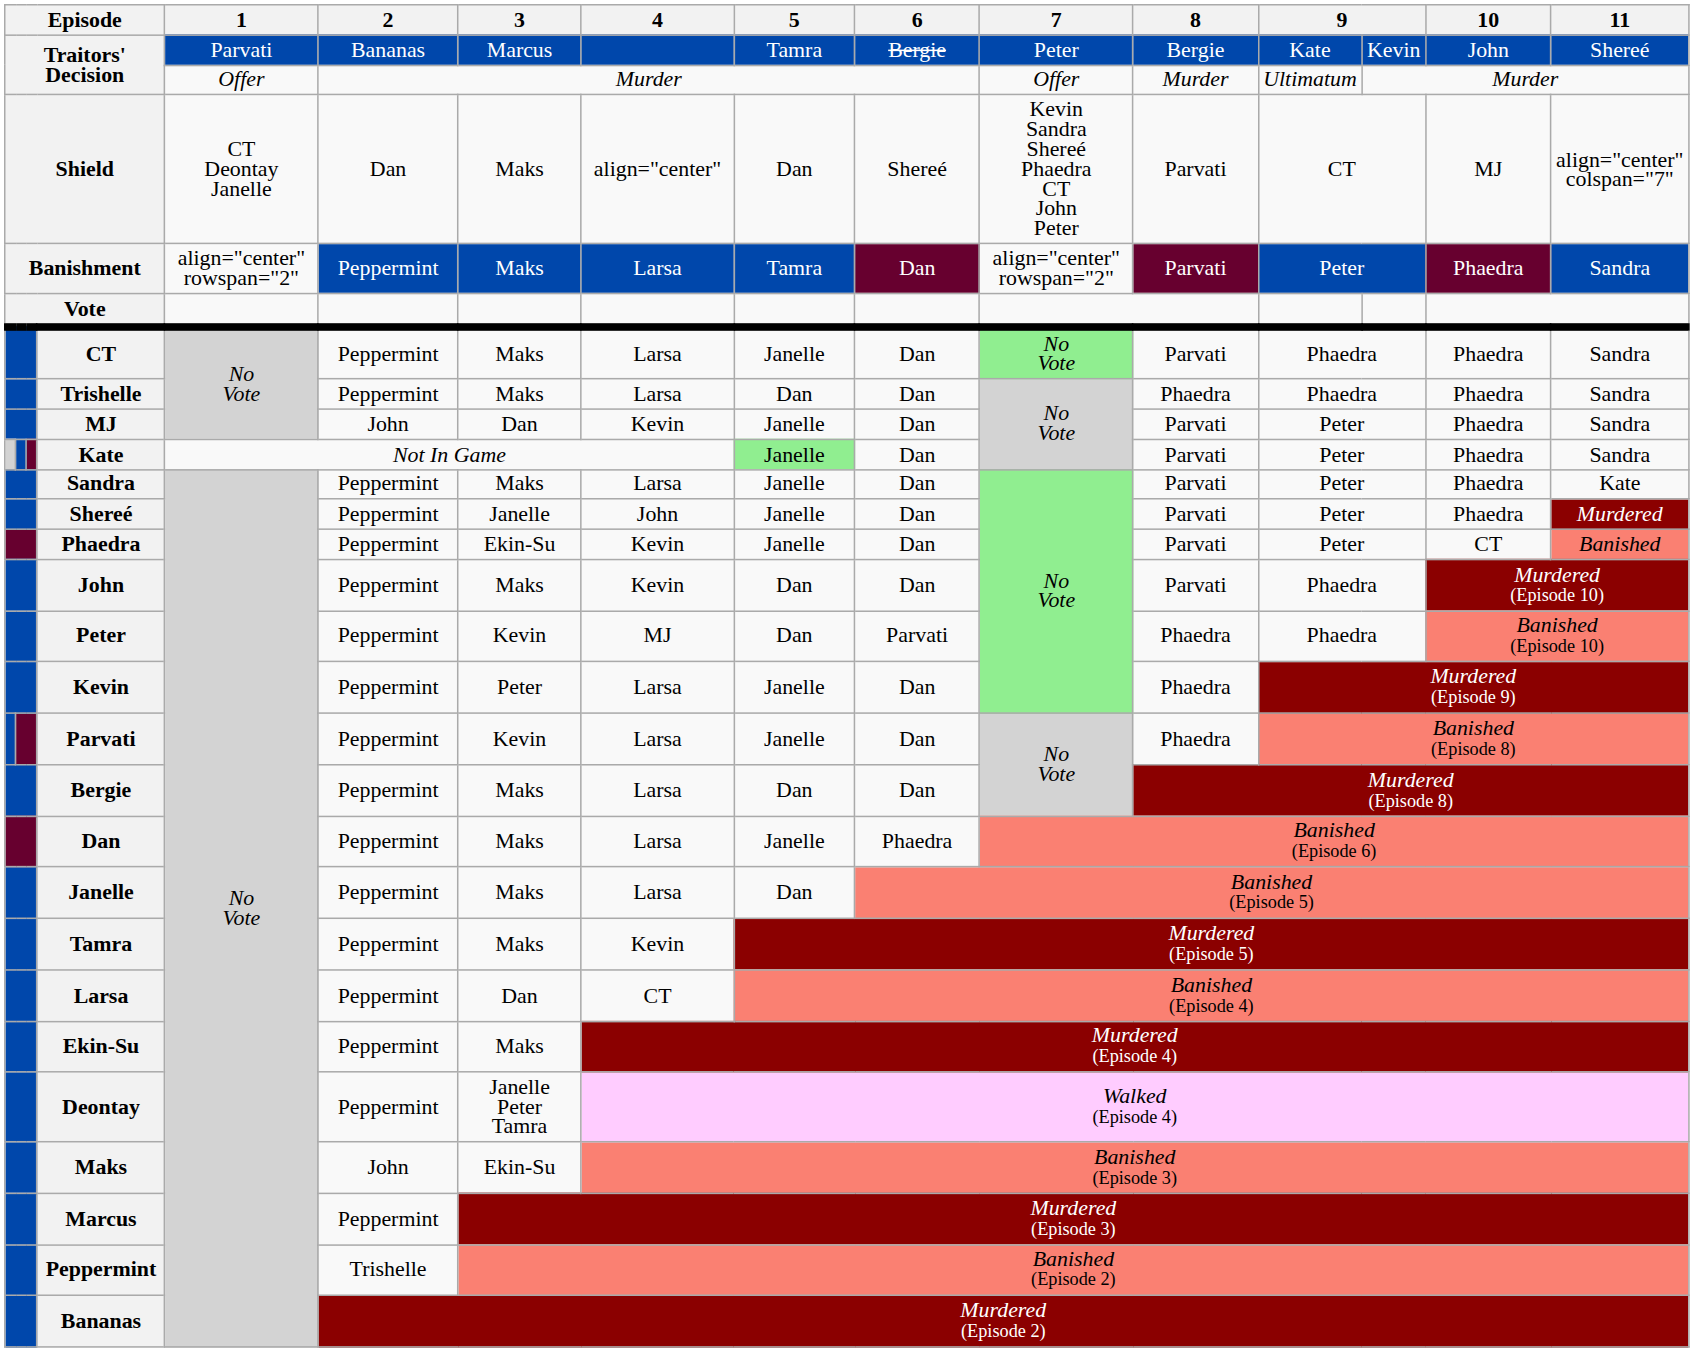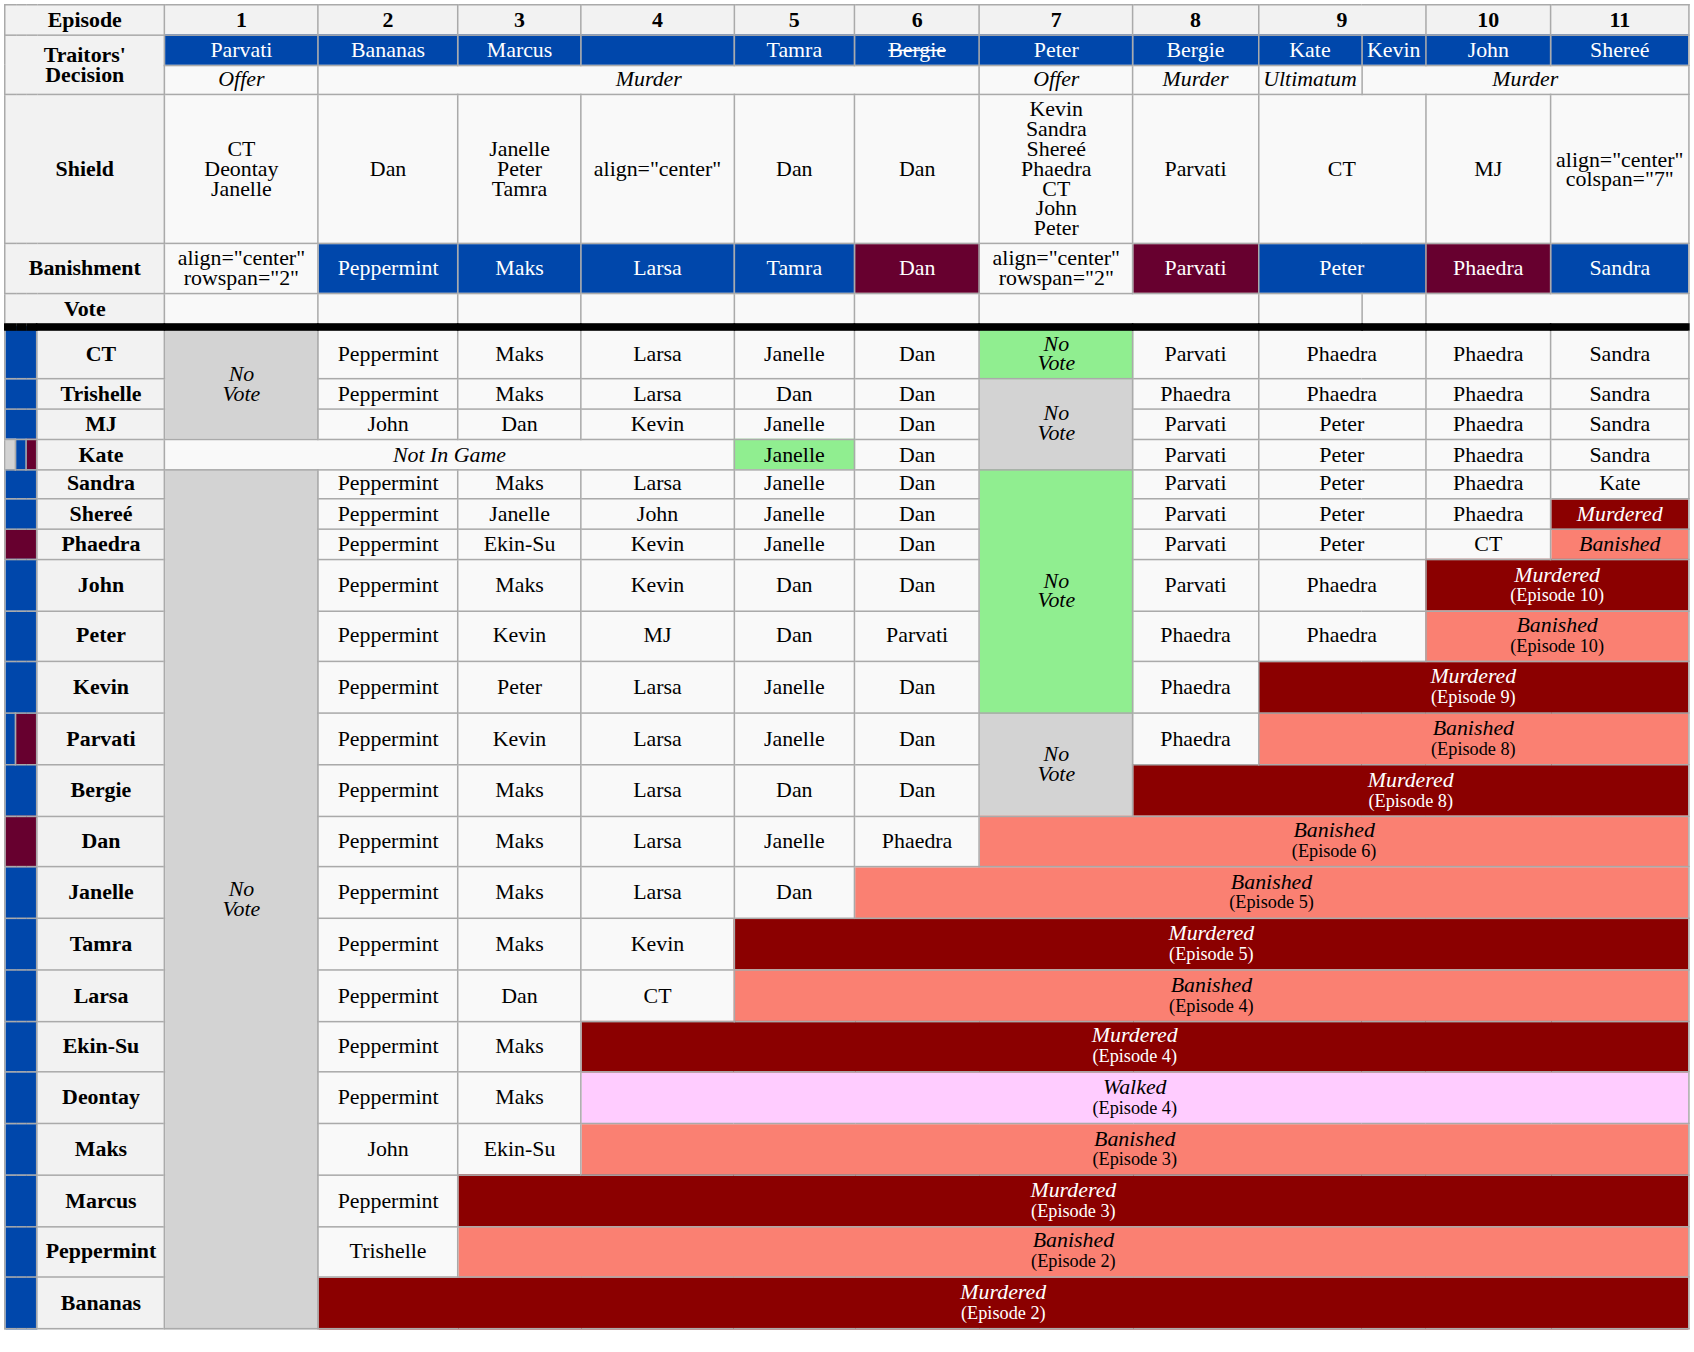 <table class="wikitable" style="text-align:center; width:70%; font-size:90%; line-height:13px">
 <tr>
 <th colspan="4" width="10%">Episode</th>
 <th width="10%">1</th>
 <th width="10%">2</th>
 <th width="10%">3</th>
 <th width="10%">4</th>
 <th width="10%">5</th>
 <th width="10%">6</th>
 <th width="10%">7</th>
 <th width="10%">8</th>
 <th colspan="2">9</th>
 <th width="10%">10</th>
 <th colspan="7">11</th>
 </tr>
 <tr>
 <th colspan="4" rowspan="2">Traitors'<br>Decision</th>
 <td bgcolor="#0047AB" align="center" span style="color:#FFFFFF;">Parvati</td>
 <td bgcolor="#0047AB" align="center" span style="color:#FFFFFF;">Bananas</td>
 <td bgcolor="#0047AB" align="center" span style="color:#FFFFFF;">Marcus</td>
 <td bgcolor="#0047AB" align="center" span style="color:#FFFFFF;"></td>
 <td bgcolor="#0047AB" align="center" span style="color:#FFFFFF;">Tamra</td>
 <td bgcolor="#0047AB" align="center" span style="color:#FFFFFF;"><s>Bergie</s></td>
 <td bgcolor="#0047AB" align="center" span style="color:#FFFFFF;">Peter</td>
 <td bgcolor="#0047AB" align="center" span style="color:#FFFFFF;">Bergie</td>
 <td bgcolor="#0047AB" align="center" span style="color:#FFFFFF;">Kate</td>
 <td bgcolor="#0047AB" align="center" span style="color:#FFFFFF;">Kevin</td>
 <td bgcolor="#0047AB" align="center" span style="color:#FFFFFF;">John</td>
 <td bgcolor="#0047AB" align="center" span style="color:#FFFFFF;">Shereé</td>
 </tr>
 <tr>
 <td><em>Offer</em></td>
 <td align="center" colspan="5"><em>Murder</em></td>
 <td><em>Offer</em></td>
 <td align="center" colspan="1"><em>Murder</em></td>
 <td align="center"><em>Ultimatum</em></td>
 <td align="center" colspan="3"><em>Murder</em></td>
 </tr>
 <tr>
 <th colspan="4">Shield</th>
 <td>CT<br>Deontay<br>Janelle</td>
 <td>Dan</td>
-<td>Maks</td>
+<td>Janelle<br>Peter<br>Tamra</td>
 <td>align="center" </td>
 <td>Dan</td>
-<td>Shereé</td>
+<td>Dan</td>
 <td>Kevin<br>Sandra<br>Shereé<br>Phaedra<br>CT<br>John<br>Peter</td>
 <td>Parvati</td>
 <td colspan="2">CT</td>
 <td>MJ</td>
 <td>align="center" colspan="7" </td>
 </tr>
 <tr>
 <th colspan="4">Banishment</th>
 <td>align="center" rowspan="2" </td>
 <td bgcolor="#0047AB" style="color:#FFFFFF;">Peppermint</td>
 <td bgcolor="#0047AB" style="color:#FFFFFF;">Maks</td>
 <td bgcolor="#0047AB" style="color:#FFFFFF;">Larsa</td>
 <td bgcolor="#0047AB" align="center" span style="color:#FFFFFF;">Tamra</td>
 <td bgcolor="#67002F" style="color:#FFFFFF;">Dan</td>
 <td>align="center" rowspan="2" </td>
 <td bgcolor="#67002F" style="color:#FFFFFF;">Parvati</td>
 <td colspan="2" bgcolor="#0047AB" style="color:#FFFFFF;">Peter</td>
 <td bgcolor="#67002F" style="color:#FFFFFF;">Phaedra</td>
 <td bgcolor="#0047AB" style="color:#FFFFFF;">Sandra</td>
 </tr>
 <tr>
 <th colspan="4">Vote</th>
 <td></td>
 <td></td>
 <td></td>
 <td></td>
 <td></td>
 <td></td>
 <td colspan="2"></td>
 <td></td>
 <td></td>
 </tr>
 <tr style="border-top:5px solid">
 <td colspan="3" bgcolor="0047AB"></td>
 <th>CT</th>
 <td rowspan="3" bgcolor="lightgrey" align="center"><em>No<br>Vote</em></td>
 <td>Peppermint</td>
 <td>Maks</td>
 <td>Larsa</td>
 <td>Janelle</td>
 <td>Dan</td>
 <td rowspan="1" bgcolor="lightgreen" align="center"><em>No<br>Vote</em></td>
 <td>Parvati</td>
 <td colspan="2">Phaedra</td>
 <td>Phaedra</td>
 <td>Sandra</td>
 </tr>
 <tr>
 <td colspan="3" bgcolor="0047AB"></td>
 <th>Trishelle</th>
 <td>Peppermint</td>
 <td>Maks</td>
 <td>Larsa</td>
 <td>Dan</td>
 <td>Dan</td>
 <td rowspan="3" bgcolor="lightgrey" align="center"><em>No<br>Vote</em></td>
 <td>Phaedra</td>
 <td colspan="2">Phaedra</td>
 <td>Phaedra</td>
 <td>Sandra</td>
 </tr>
 <tr>
 <td colspan="3" bgcolor="0047AB"></td>
 <th>MJ</th>
 <td>John</td>
 <td>Dan</td>
 <td>Kevin</td>
 <td>Janelle</td>
 <td>Dan</td>
 <td>Parvati</td>
 <td colspan="2">Peter</td>
 <td>Phaedra</td>
 <td>Sandra</td>
 </tr>
 <tr>
 <td bgcolor="lightgrey"></td>
 <td bgcolor="0047AB"></td>
 <td bgcolor="67002F"></td>
 <th>Kate</th>
 <td colspan="4"><em>Not In Game</em></td>
 <td bgcolor="lightgreen">Janelle</td>
 <td>Dan</td>
 <td>Parvati</td>
 <td colspan="2">Peter</td>
 <td>Phaedra</td>
 <td>Sandra</td>
 </tr>
 <tr>
 <td colspan="3" bgcolor="0047AB"></td>
 <th>Sandra</th>
 <td rowspan="18" bgcolor="lightgrey" align="center"><em>No<br>Vote</em></td>
 <td>Peppermint</td>
 <td>Maks</td>
 <td>Larsa</td>
 <td>Janelle</td>
 <td>Dan</td>
 <td rowspan="6" bgcolor="lightgreen" align="center"><em>No<br>Vote</em></td>
 <td>Parvati</td>
 <td colspan="2">Peter</td>
 <td>Phaedra</td>
 <td>Kate</td>
 </tr>
 <tr>
 <td colspan="3" bgcolor="0047AB"></td>
 <th>Shereé</th>
 <td>Peppermint</td>
 <td>Janelle</td>
 <td>John</td>
 <td>Janelle</td>
 <td>Dan</td>
 <td>Parvati</td>
 <td colspan="2">Peter</td>
 <td>Phaedra</td>
 <td colspan="7" align="center" style="background:darkred; color:white;"><em>Murdered</em> <br><small></small></td>
 </tr>
 <tr>
 <td colspan="3" bgcolor="67002F"></td>
 <th>Phaedra</th>
 <td>Peppermint</td>
 <td>Ekin-Su</td>
 <td>Kevin</td>
 <td>Janelle</td>
 <td>Dan</td>
 <td>Parvati</td>
 <td colspan="2">Peter</td>
 <td>CT</td>
 <td colspan="7" align="center" style="background:salmon"><em>Banished</em> <br><small></small></td>
 </tr>
 <tr>
 <td colspan="3" bgcolor="0047AB"></td>
 <th>John</th>
 <td>Peppermint</td>
 <td>Maks</td>
 <td>Kevin</td>
 <td>Dan</td>
 <td>Dan</td>
 <td>Parvati</td>
 <td colspan="2">Phaedra</td>
 <td colspan="8" align="center" style="background:darkred; color:white;"><em>Murdered</em> <br><small>(Episode 10)</small></td>
 </tr>
 <tr>
 <td colspan="3" bgcolor="0047AB"></td>
 <th>Peter</th>
 <td>Peppermint</td>
 <td>Kevin</td>
 <td>MJ</td>
 <td>Dan</td>
 <td>Parvati</td>
 <td>Phaedra</td>
 <td colspan="2">Phaedra</td>
 <td colspan="8" align="center" style="background:salmon"><em>Banished</em> <br><small>(Episode 10)</small></td>
 </tr>
 <tr>
 <td colspan="3" bgcolor="0047AB"></td>
 <th>Kevin</th>
 <td>Peppermint</td>
 <td>Peter</td>
 <td>Larsa</td>
 <td>Janelle</td>
 <td>Dan</td>
 <td>Phaedra</td>
 <td colspan="10" align="center" style="background:darkred; color:white;"><em>Murdered</em> <br><small>(Episode 9)</small></td>
 </tr>
 <tr>
 <td bgcolor="0047AB"></td>
 <td colspan="2" bgcolor="67002F"></td>
 <th>Parvati</th>
 <td>Peppermint</td>
 <td>Kevin</td>
 <td>Larsa</td>
 <td>Janelle</td>
 <td>Dan</td>
 <td rowspan="2" bgcolor="lightgrey" align="center"><em>No<br>Vote</em></td>
 <td>Phaedra</td>
 <td colspan="10" align="center" style="background:salmon"><em>Banished</em> <br><small>(Episode 8)</small></td>
 </tr>
 <tr>
 <td colspan="3" bgcolor="0047AB"></td>
 <th>Bergie</th>
 <td>Peppermint</td>
 <td>Maks</td>
 <td>Larsa</td>
 <td>Dan</td>
 <td>Dan</td>
 <td colspan="11" align="center" style="background:darkred; color:white;"><em>Murdered</em> <br><small>(Episode 8)</small></td>
 </tr>
 <tr>
 <td colspan="3" bgcolor="67002F"></td>
 <th>Dan</th>
 <td>Peppermint</td>
 <td>Maks</td>
 <td>Larsa</td>
 <td>Janelle</td>
 <td>Phaedra</td>
 <td colspan="12" align="center" style="background:salmon"><em>Banished</em> <br><small>(Episode 6)</small></td>
 </tr>
 <tr>
 <td colspan="3" bgcolor="0047AB"></td>
 <th>Janelle</th>
 <td>Peppermint</td>
 <td>Maks</td>
 <td>Larsa</td>
 <td>Dan</td>
 <td colspan="13" align="center" style="background:salmon"><em>Banished</em> <br><small>(Episode 5)</small></td>
 </tr>
 <tr>
 <td colspan="3" bgcolor="0047AB"></td>
 <th>Tamra</th>
 <td>Peppermint</td>
 <td>Maks</td>
 <td>Kevin</td>
 <td colspan="14" align="center" style="background:darkred; color:white;"><em>Murdered</em> <br><small>(Episode 5)</small></td>
 </tr>
 <tr>
 <td colspan="3" bgcolor="0047AB"></td>
 <th>Larsa</th>
 <td>Peppermint</td>
 <td>Dan</td>
 <td>CT</td>
 <td colspan="14" align="center" style="background:salmon"><em>Banished</em> <br><small>(Episode 4)</small></td>
 </tr>
 <tr>
 <td colspan="3" bgcolor="0047AB"></td>
 <th>Ekin-Su</th>
 <td>Peppermint</td>
 <td>Maks</td>
 <td colspan="15" align="center" style="background:darkred; color:white;"><em>Murdered</em> <br><small>(Episode 4)</small></td>
 </tr>
 <tr>
 <td colspan="3" bgcolor="0047AB"></td>
 <th>Deontay</th>
 <td>Peppermint</td>
-<td>Janelle<br>Peter<br>Tamra</td>
+<td>Maks</td>
 <td colspan="15" align="center" style="background:#fcf"><em>Walked</em> <br><small>(Episode 4)</small></td>
 </tr>
 <tr>
 <td colspan="3" bgcolor="0047AB"></td>
 <th>Maks</th>
 <td>John</td>
 <td>Ekin-Su</td>
 <td colspan="15" align="center" style="background:salmon"><em>Banished</em> <br><small>(Episode 3)</small></td>
 </tr>
 <tr>
 <td colspan="3" bgcolor="0047AB"></td>
 <th>Marcus</th>
 <td>Peppermint</td>
 <td colspan="16" align="center" style="background:darkred; color:white;"><em>Murdered</em> <br><small>(Episode 3)</small></td>
 </tr>
 <tr>
 <td colspan="3" bgcolor="0047AB"></td>
 <th>Peppermint</th>
 <td>Trishelle</td>
 <td colspan="16" align="center" style="background:salmon"><em>Banished</em> <br><small>(Episode 2)</small></td>
 </tr>
 <tr>
 <td colspan="3" bgcolor="0047AB"></td>
 <th>Bananas</th>
 <td colspan="17" align="center" style="background:darkred; color:white;"><em>Murdered</em> <br><small>(Episode 2)</small></td>
 </tr>
 </table>
